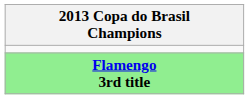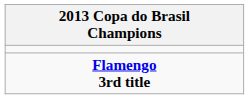 <table class="wikitable" style="text-align: center; margin: 0 auto; width: 20%">
 <tr>
 <th>2013 Copa do Brasil<br>Champions</th>
 </tr>
 <tr>
 <td></td>
 </tr>
 <tr>
-<td style="background: lightgreen;"><strong><a href='#'>Flamengo</a></strong><br><strong>3rd title</strong></td>
+<td><strong><a href='#'>Flamengo</a></strong><br><strong>3rd title</strong></td>
 </tr>
 </table>
